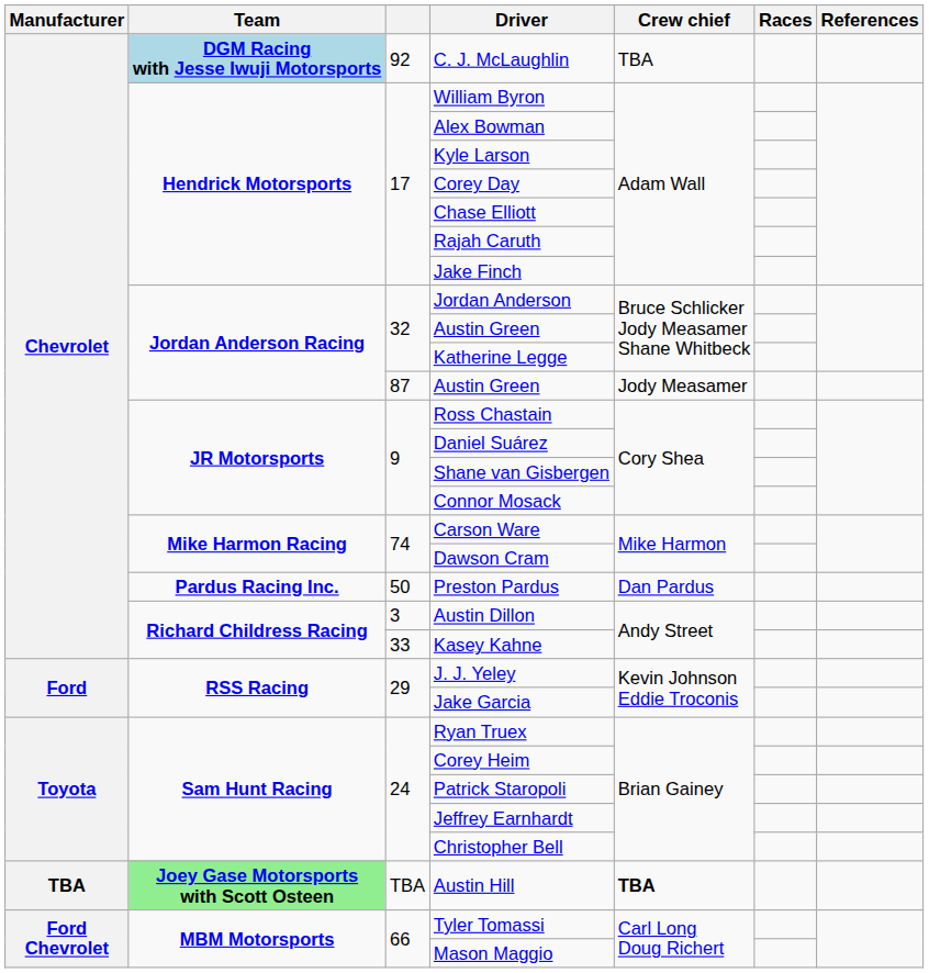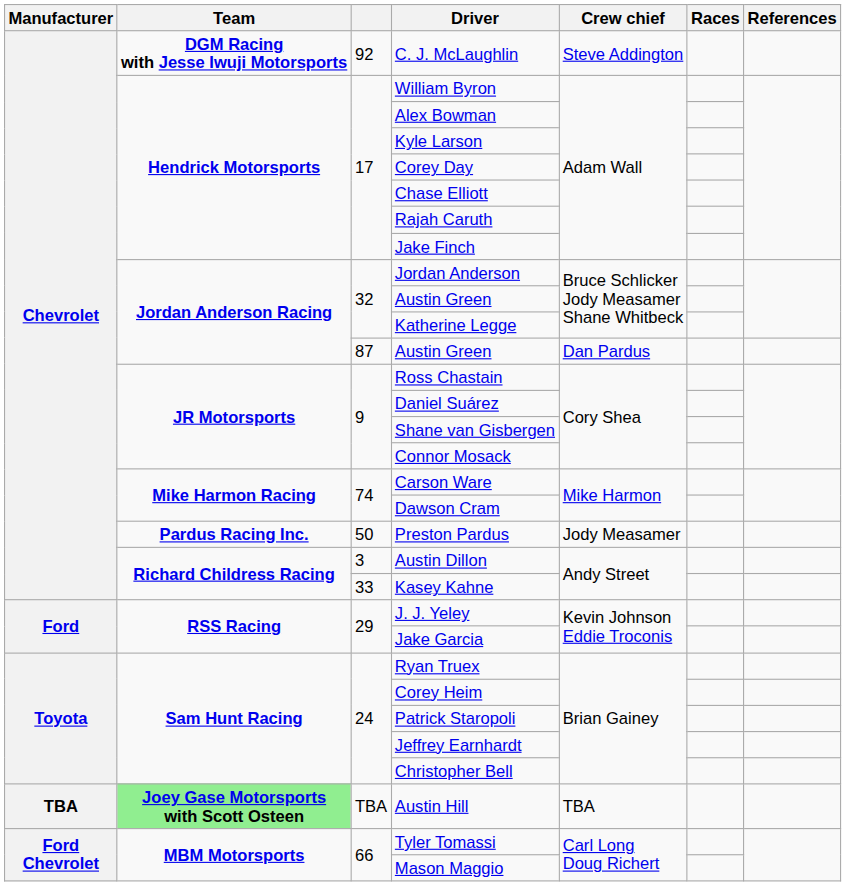 <table class="wikitable" style="font-size: 95%;">
 <tr>
 <th>Manufacturer</th>
 <th>Team</th>
 <th></th>
 <th>Driver</th>
 <th>Crew chief</th>
 <th>Races</th>
 <th>References</th>
 </tr>
 <tr>
 <th rowspan="21"><a href='#'>Chevrolet</a></th>
-<td style="background: lightblue; text-align:center;"><strong><a href='#'>DGM Racing</a> <br> with <a href='#'>Jesse Iwuji Motorsports</a></strong></td>
+<td style="text-align:center;"><strong><a href='#'>DGM Racing</a> <br> with <a href='#'>Jesse Iwuji Motorsports</a></strong></td>
 <td>92</td>
 <td><a href='#'>C. J. McLaughlin</a></td>
-<td>TBA</td>
+<td><a href='#'>Steve Addington</a></td>
 <td></td>
 <td></td>
 </tr>
 <tr>
 <td rowspan="7" style="text-align:center;"><strong><a href='#'>Hendrick Motorsports</a></strong></td>
 <td rowspan="7">17</td>
 <td><a href='#'>William Byron</a></td>
 <td rowspan="7">Adam Wall</td>
 <td></td>
 <td rowspan="7"></td>
 </tr>
 <tr>
 <td><a href='#'>Alex Bowman</a></td>
 <td></td>
 </tr>
 <tr>
 <td><a href='#'>Kyle Larson</a></td>
 <td></td>
 </tr>
 <tr>
 <td><a href='#'>Corey Day</a></td>
 <td></td>
 </tr>
 <tr>
 <td><a href='#'>Chase Elliott</a></td>
 <td></td>
 </tr>
 <tr>
 <td><a href='#'>Rajah Caruth</a></td>
 <td></td>
 </tr>
 <tr>
 <td><a href='#'>Jake Finch</a></td>
 <td></td>
 </tr>
 <tr>
 <td rowspan=4 style="text-align:center;"><strong><a href='#'>Jordan Anderson Racing</a></strong></td>
 <td rowspan=3>32</td>
 <td><a href='#'>Jordan Anderson</a></td>
 <td rowspan=3>Bruce Schlicker <small></small> <br> Jody Measamer <small></small> <br> Shane Whitbeck <small></small></td>
 <td></td>
 <td rowspan=3></td>
 </tr>
 <tr>
 <td><a href='#'>Austin Green</a></td>
 <td></td>
 </tr>
 <tr>
 <td><a href='#'>Katherine Legge</a></td>
 <td></td>
 </tr>
 <tr>
 <td>87</td>
 <td><a href='#'>Austin Green</a></td>
-<td>Jody Measamer</td>
+<td><a href='#'>Dan Pardus</a></td>
 <td></td>
 <td></td>
 </tr>
 <tr>
 <td rowspan="4" style="text-align:center;"><strong><a href='#'>JR Motorsports</a></strong></td>
 <td rowspan="4">9</td>
 <td><a href='#'>Ross Chastain</a></td>
 <td rowspan="4">Cory Shea</td>
 <td></td>
 <td rowspan="4"></td>
 </tr>
 <tr>
 <td><a href='#'>Daniel Suárez</a></td>
 <td></td>
 </tr>
 <tr>
 <td><a href='#'>Shane van Gisbergen</a></td>
 <td></td>
 </tr>
 <tr>
 <td><a href='#'>Connor Mosack</a></td>
 <td></td>
 </tr>
 <tr>
 <td rowspan="2" style="text-align:center;"><strong><a href='#'>Mike Harmon Racing</a></strong></td>
 <td rowspan="2">74</td>
 <td><a href='#'>Carson Ware</a></td>
 <td rowspan="2"><a href='#'>Mike Harmon</a></td>
 <td></td>
 <td rowspan="2"></td>
 </tr>
 <tr>
 <td><a href='#'>Dawson Cram</a></td>
 <td></td>
 </tr>
 <tr>
 <td style="text-align:center;"><strong><a href='#'>Pardus Racing Inc.</a></strong></td>
 <td>50</td>
 <td><a href='#'>Preston Pardus</a></td>
-<td><a href='#'>Dan Pardus</a></td>
+<td>Jody Measamer</td>
 <td></td>
 <td></td>
 </tr>
 <tr>
 <td rowspan="2" style="text-align:center;"><strong><a href='#'>Richard Childress Racing</a></strong></td>
 <td>3</td>
 <td><a href='#'>Austin Dillon</a></td>
 <td rowspan=2>Andy Street</td>
 <td></td>
 <td></td>
 </tr>
 <tr>
 <td>33</td>
 <td><a href='#'>Kasey Kahne</a></td>
 <td></td>
 <td></td>
 </tr>
 <tr>
 <th rowspan="2"><a href='#'>Ford</a></th>
 <td rowspan="2" style="text-align:center;"><strong><a href='#'>RSS Racing</a></strong></td>
 <td rowspan="2">29</td>
 <td><a href='#'>J. J. Yeley</a></td>
 <td rowspan="2">Kevin Johnson <small></small> <br> <a href='#'>Eddie Troconis</a> <small></small></td>
 <td></td>
 <td></td>
 </tr>
 <tr>
 <td><a href='#'>Jake Garcia</a></td>
 <td></td>
 <td></td>
 </tr>
 <tr>
 <th rowspan="5"><a href='#'>Toyota</a></th>
 <td rowspan="5" style="text-align:center;"><strong><a href='#'>Sam Hunt Racing</a></strong></td>
 <td rowspan="5">24</td>
 <td><a href='#'>Ryan Truex</a></td>
 <td rowspan="5">Brian Gainey</td>
 <td></td>
 <td></td>
 </tr>
 <tr>
 <td><a href='#'>Corey Heim</a></td>
 <td></td>
 <td></td>
 </tr>
 <tr>
 <td><a href='#'>Patrick Staropoli</a></td>
 <td></td>
 <td></td>
 </tr>
 <tr>
 <td><a href='#'>Jeffrey Earnhardt</a></td>
 <td></td>
 <td></td>
 </tr>
 <tr>
 <td><a href='#'>Christopher Bell</a></td>
 <td></td>
 <td></td>
 </tr>
 <tr>
 <th>TBA</th>
 <td style="background: lightgreen; text-align:center;"><strong><a href='#'>Joey Gase Motorsports</a> <br> with Scott Osteen</strong></td>
 <td>TBA</td>
 <td><a href='#'>Austin Hill</a></td>
-<td><strong>TBA</strong></td>
+<td>TBA</td>
 <td></td>
 <td></td>
 </tr>
 <tr>
 <th rowspan=2><a href='#'>Ford</a> <small></small> <br> <a href='#'>Chevrolet</a> <small></small></th>
 <td rowspan=2 style="text-align:center;"><strong><a href='#'>MBM Motorsports</a></strong></td>
 <td rowspan=2>66</td>
 <td><a href='#'>Tyler Tomassi</a></td>
 <td rowspan=2><a href='#'>Carl Long</a> <small></small> <br> <a href='#'>Doug Richert</a> <small></small></td>
 <td></td>
 <td rowspan=2></td>
 </tr>
 <tr>
 <td><a href='#'>Mason Maggio</a></td>
 <td></td>
 </tr>
 </table>
